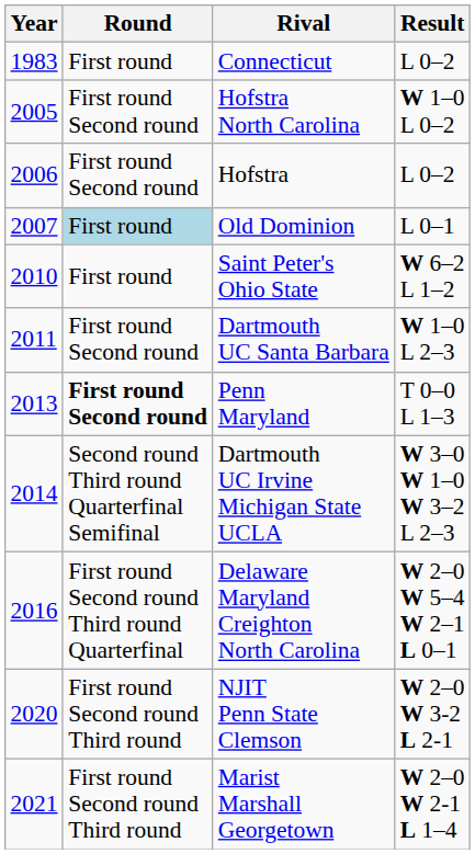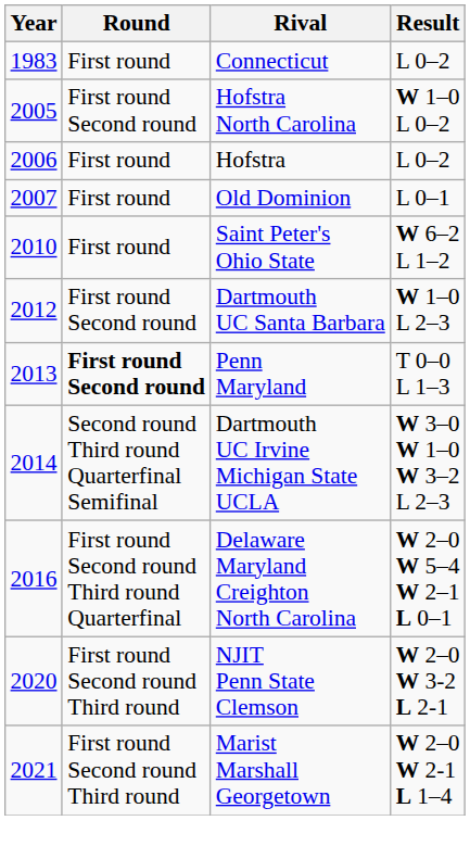 <table class="wikitable">
 <tr>
 <th width=px>Year</th>
 <th width=px>Round</th>
 <th width=px>Rival</th>
 <th width=px>Result</th>
 </tr>
 <tr>
 <td><a href='#'>1983</a></td>
 <td>First round</td>
 <td><a href='#'>Connecticut</a></td>
 <td>L 0–2</td>
 </tr>
 <tr>
 <td><a href='#'>2005</a></td>
 <td>First round<br>Second round</td>
 <td><a href='#'>Hofstra</a><br><a href='#'>North Carolina</a></td>
 <td><strong>W</strong> 1–0 <br>L 0–2</td>
 </tr>
 <tr>
 <td><a href='#'>2006</a></td>
-<td>First round<br>Second round</td>
+<td>First round</td>
 <td>Hofstra</td>
 <td>L 0–2</td>
 </tr>
 <tr>
 <td><a href='#'>2007</a></td>
-<td style="background: lightblue;">First round</td>
+<td>First round</td>
 <td><a href='#'>Old Dominion</a></td>
 <td>L 0–1</td>
 </tr>
 <tr>
 <td><a href='#'>2010</a></td>
 <td>First round</td>
 <td><a href='#'>Saint Peter's</a><br><a href='#'>Ohio State</a></td>
 <td><strong>W</strong> 6–2<br>L 1–2</td>
 </tr>
 <tr>
-<td><a href='#'>2011</a></td>
+<td><a href='#'>2012</a></td>
 <td>First round<br>Second round</td>
 <td><a href='#'>Dartmouth</a><br><a href='#'>UC Santa Barbara</a></td>
 <td><strong>W</strong> 1–0<br>L 2–3</td>
 </tr>
 <tr>
 <td><a href='#'>2013</a></td>
 <td><strong>First round<br>Second round</strong></td>
 <td><a href='#'>Penn</a><br><a href='#'>Maryland</a></td>
 <td>T 0–0 <br>L 1–3</td>
 </tr>
 <tr>
 <td><a href='#'>2014</a></td>
 <td>Second round<br>Third round<br>Quarterfinal<br>Semifinal</td>
 <td>Dartmouth<br><a href='#'>UC Irvine</a><br><a href='#'>Michigan State</a><br><a href='#'>UCLA</a></td>
 <td><strong>W</strong> 3–0<br><strong>W</strong> 1–0<br><strong>W</strong> 3–2<br>L 2–3 </td>
 </tr>
 <tr>
 <td><a href='#'>2016</a></td>
 <td>First round<br>Second round<br>Third round<br>Quarterfinal</td>
 <td><a href='#'>Delaware</a><br><a href='#'>Maryland</a><br><a href='#'>Creighton</a><br><a href='#'>North Carolina</a></td>
 <td><strong>W</strong> 2–0<br><strong>W</strong> 5–4<br><strong>W</strong> 2–1<br><strong>L</strong> 0–1 </td>
 </tr>
 <tr>
 <td><a href='#'>2020</a></td>
 <td>First round<br>Second round<br>Third round</td>
 <td><a href='#'>NJIT</a><br><a href='#'>Penn State</a><br><a href='#'>Clemson</a></td>
 <td><strong>W</strong> 2–0<br><strong>W</strong> 3-2 <br><strong>L</strong> 2-1 </td>
 </tr>
 <tr>
 <td><a href='#'>2021</a></td>
 <td>First round<br>Second round<br>Third round</td>
 <td><a href='#'>Marist</a><br><a href='#'>Marshall</a><br><a href='#'>Georgetown</a></td>
 <td><strong>W</strong> 2–0<br><strong>W</strong> 2-1 <br><strong>L</strong> 1–4</td>
 </tr>
 </table>
